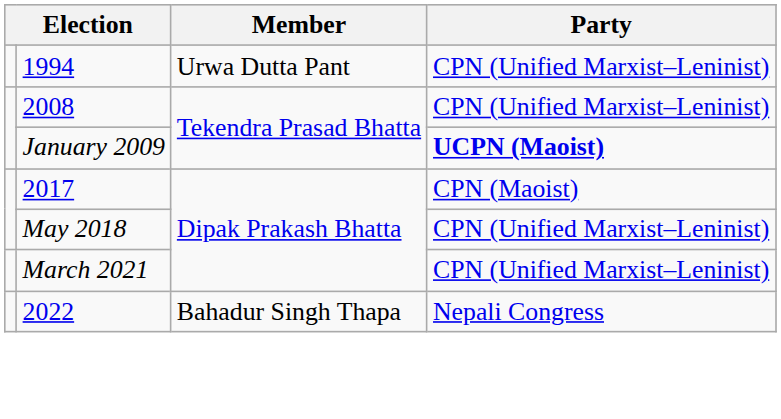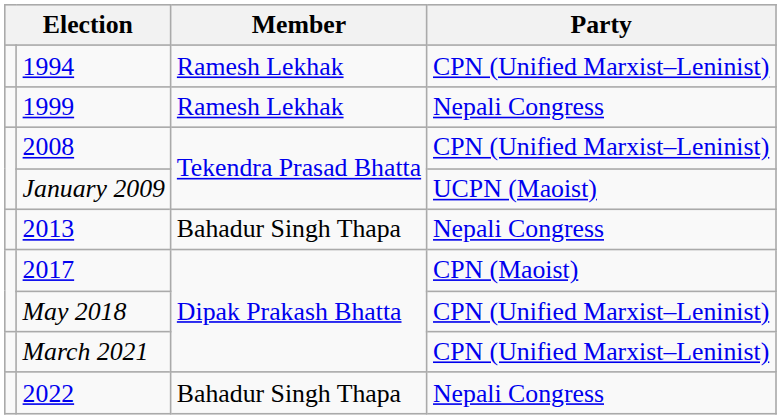 <table class="wikitable">
 <tr>
 <th colspan="2">Election</th>
 <th>Member</th>
 <th>Party</th>
 </tr>
 <tr>
 <td style="background-color:"></td>
 <td><a href='#'>1994</a></td>
-<td>Urwa Dutta Pant</td>
+<td><a href='#'>Ramesh Lekhak</a></td>
 <td><a href='#'>CPN (Unified Marxist–Leninist)</a></td>
+</tr>
+<tr>
+<td style="background-color:"></td>
+<td><a href='#'>1999</a></td>
+<td><a href='#'>Ramesh Lekhak</a></td>
+<td><a href='#'>Nepali Congress</a></td>
 </tr>
 <tr>
 <td rowspan="2" style="background-color:"></td>
 <td><a href='#'>2008</a></td>
 <td rowspan="2"><a href='#'>Tekendra Prasad Bhatta</a></td>
 <td><a href='#'>CPN (Unified Marxist–Leninist)</a></td>
 </tr>
 <tr>
 <td><em>January 2009</em></td>
-<td><strong><a href='#'>UCPN (Maoist)</a></strong></td>
+<td><a href='#'>UCPN (Maoist)</a></td>
+</tr>
+<tr>
+<td style="background-color:"></td>
+<td><a href='#'>2013</a></td>
+<td>Bahadur Singh Thapa</td>
+<td><a href='#'>Nepali Congress</a></td>
 </tr>
 <tr>
 <td rowspan="2" style="background-color:"></td>
 <td><a href='#'>2017</a></td>
 <td rowspan="3"><a href='#'>Dipak Prakash Bhatta</a></td>
 <td><a href='#'>CPN (Maoist)</a></td>
 </tr>
 <tr>
 <td><em>May 2018</em></td>
 <td><a href='#'>CPN (Unified Marxist–Leninist)</a></td>
 </tr>
 <tr>
 <td></td>
 <td><em>March 2021</em></td>
 <td><a href='#'>CPN (Unified Marxist–Leninist)</a></td>
 </tr>
 <tr>
 <td style="background-color:"></td>
 <td><a href='#'>2022</a></td>
 <td>Bahadur Singh Thapa</td>
 <td><a href='#'>Nepali Congress</a></td>
 </tr>
 </table>
